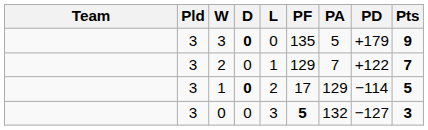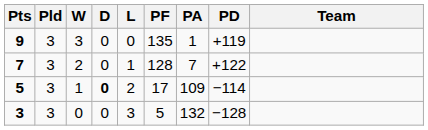 <table class="wikitable" style="text-align:center;">
 <tr>
-<th width=175>Team</th>
+<th width=20 abbr="Points">Pts</th>
 <th width=20 abbr="Played">Pld</th>
 <th width=20 abbr="Won">W</th>
 <th width=20 abbr="Drawn">D</th>
 <th width=20 abbr="Lost">L</th>
 <th width=20 abbr="Points for">PF</th>
 <th width=20 abbr="Points against">PA</th>
 <th width=25 abbr="Points difference">PD</th>
-<th width=20 abbr="Points">Pts</th>
+<th width=175>Team</th>
 </tr>
 <tr>
-<td align=left></td>
+<td><strong>9</strong></td>
 <td>3</td>
 <td>3</td>
-<td><strong>0</strong></td>
+<td>0</td>
 <td>0</td>
 <td>135</td>
-<td>5</td>
-<td>+179</td>
-<td><strong>9</strong></td>
+<td>1</td>
+<td>+119</td>
+<td align=left></td>
 </tr>
 <tr>
-<td align=left></td>
+<td><strong>7</strong></td>
 <td>3</td>
 <td>2</td>
 <td>0</td>
 <td>1</td>
-<td>129</td>
+<td>128</td>
 <td>7</td>
 <td>+122</td>
-<td><strong>7</strong></td>
+<td align=left></td>
 </tr>
 <tr>
-<td align=left></td>
+<td><strong>5</strong></td>
 <td>3</td>
 <td>1</td>
 <td><strong>0</strong></td>
 <td>2</td>
 <td>17</td>
-<td>129</td>
+<td>109</td>
 <td>−114</td>
-<td><strong>5</strong></td>
+<td align=left></td>
 </tr>
 <tr>
-<td align=left></td>
+<td><strong>3</strong></td>
 <td>3</td>
 <td>0</td>
 <td>0</td>
 <td>3</td>
-<td><strong>5</strong></td>
+<td>5</td>
 <td>132</td>
-<td>−127</td>
-<td><strong>3</strong></td>
+<td>−128</td>
+<td align=left></td>
 </tr>
 </table>
